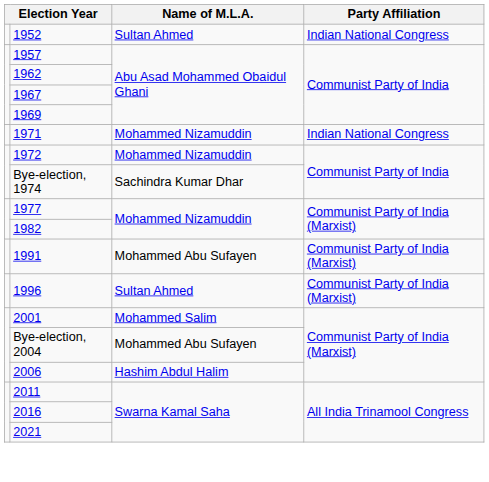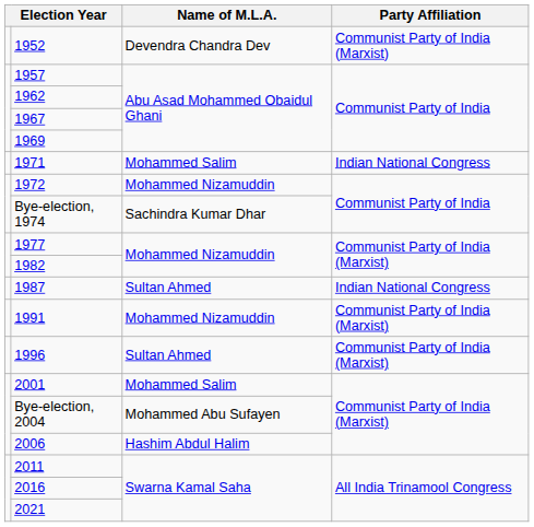 <table class="wikitable sortable">
 <tr>
 <th colspan="2">Election Year</th>
 <th>Name of M.L.A.</th>
 <th>Party Affiliation</th>
 </tr>
 <tr>
 <td style="background-color: "></td>
 <td><a href='#'>1952</a></td>
-<td><a href='#'>Sultan Ahmed</a></td>
-<td><a href='#'>Indian National Congress</a></td>
+<td>Devendra Chandra Dev</td>
+<td><a href='#'>Communist Party of India (Marxist)</a></td>
 </tr>
 <tr>
 <td rowspan="4" style="background-color: "></td>
 <td><a href='#'>1957</a></td>
 <td rowspan="4"><a href='#'>Abu Asad Mohammed Obaidul Ghani</a></td>
 <td rowspan="4"><a href='#'>Communist Party of India</a></td>
 </tr>
 <tr>
 <td><a href='#'>1962</a></td>
 </tr>
 <tr>
 <td><a href='#'>1967</a></td>
 </tr>
 <tr>
 <td><a href='#'>1969</a></td>
 </tr>
 <tr>
 <td style="background-color: "></td>
 <td><a href='#'>1971</a></td>
-<td><a href='#'>Mohammed Nizamuddin</a></td>
+<td><a href='#'>Mohammed Salim</a></td>
 <td><a href='#'>Indian National Congress</a></td>
 </tr>
 <tr>
 <td rowspan="2" style="background-color: "></td>
 <td><a href='#'>1972</a></td>
 <td><a href='#'>Mohammed Nizamuddin</a></td>
 <td rowspan="2"><a href='#'>Communist Party of India</a></td>
 </tr>
 <tr>
 <td>Bye-election, 1974</td>
 <td>Sachindra Kumar Dhar</td>
 </tr>
 <tr>
 <td rowspan="2" style="background-color: "></td>
 <td><a href='#'>1977</a></td>
 <td rowspan="2"><a href='#'>Mohammed Nizamuddin</a></td>
 <td rowspan="2"><a href='#'>Communist Party of India (Marxist)</a></td>
 </tr>
 <tr>
 <td><a href='#'>1982</a></td>
 </tr>
 <tr>
 <td style="background-color: "></td>
+<td><a href='#'>1987</a></td>
+<td><a href='#'>Sultan Ahmed</a></td>
+<td><a href='#'>Indian National Congress</a></td>
+</tr>
+<tr>
+<td style="background-color: "></td>
 <td><a href='#'>1991</a></td>
-<td>Mohammed Abu Sufayen</td>
+<td><a href='#'>Mohammed Nizamuddin</a></td>
 <td><a href='#'>Communist Party of India (Marxist)</a></td>
 </tr>
 <tr>
 <td style="background-color: "></td>
 <td><a href='#'>1996</a></td>
 <td><a href='#'>Sultan Ahmed</a></td>
 <td><a href='#'>Communist Party of India (Marxist)</a></td>
 </tr>
 <tr>
 <td rowspan="3" style="background-color: "></td>
 <td><a href='#'>2001</a></td>
 <td><a href='#'>Mohammed Salim</a></td>
 <td rowspan="3"><a href='#'>Communist Party of India (Marxist)</a></td>
 </tr>
 <tr>
 <td>Bye-election, 2004</td>
 <td>Mohammed Abu Sufayen</td>
 </tr>
 <tr>
 <td><a href='#'>2006</a></td>
 <td><a href='#'>Hashim Abdul Halim</a></td>
 </tr>
 <tr>
 <td rowspan="3" style="background-color: "></td>
 <td><a href='#'>2011</a></td>
 <td rowspan="3"><a href='#'>Swarna Kamal Saha</a></td>
 <td rowspan="3"><a href='#'>All India Trinamool Congress</a></td>
 </tr>
 <tr>
 <td><a href='#'>2016</a></td>
 </tr>
 <tr>
 <td><a href='#'>2021</a></td>
 </tr>
 </table>
